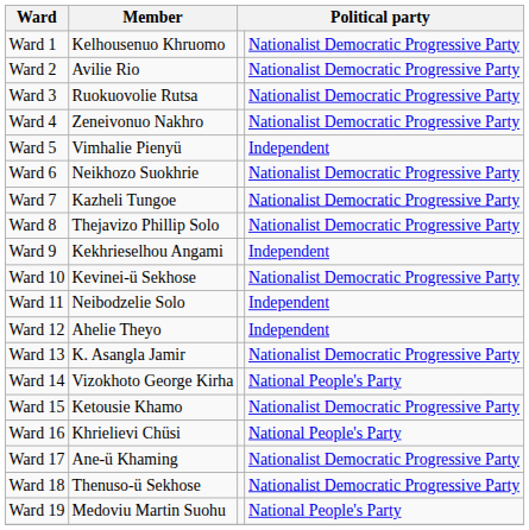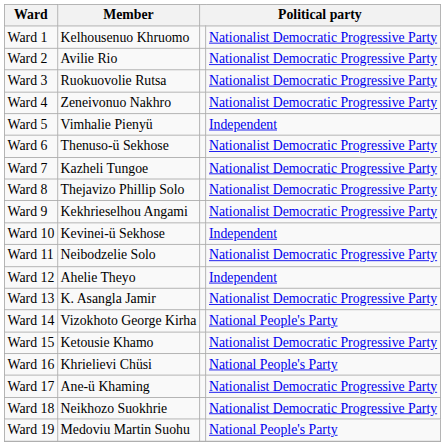 <table class="wikitable sortable">
 <tr>
 <th>Ward</th>
 <th>Member</th>
 <th colspan="2">Political party</th>
 </tr>
 <tr>
 <td>Ward 1</td>
 <td>Kelhousenuo Khruomo</td>
 <td style="background:"></td>
 <td><a href='#'>Nationalist Democratic Progressive Party</a></td>
 </tr>
 <tr>
 <td>Ward 2</td>
 <td>Avilie Rio</td>
 <td style="background:"></td>
 <td><a href='#'>Nationalist Democratic Progressive Party</a></td>
 </tr>
 <tr>
 <td>Ward 3</td>
 <td>Ruokuovolie Rutsa</td>
 <td style="background:"></td>
 <td><a href='#'>Nationalist Democratic Progressive Party</a></td>
 </tr>
 <tr>
 <td>Ward 4</td>
 <td>Zeneivonuo Nakhro</td>
 <td style="background:"></td>
 <td><a href='#'>Nationalist Democratic Progressive Party</a></td>
 </tr>
 <tr>
 <td>Ward 5</td>
 <td>Vimhalie Pienyü</td>
 <td style="background:"></td>
 <td><a href='#'>Independent</a></td>
 </tr>
 <tr>
 <td>Ward 6</td>
-<td>Neikhozo Suokhrie</td>
+<td>Thenuso-ü Sekhose</td>
 <td style="background:"></td>
 <td><a href='#'>Nationalist Democratic Progressive Party</a></td>
 </tr>
 <tr>
 <td>Ward 7</td>
 <td>Kazheli Tungoe</td>
 <td style="background:"></td>
 <td><a href='#'>Nationalist Democratic Progressive Party</a></td>
 </tr>
 <tr>
 <td>Ward 8</td>
 <td>Thejavizo Phillip Solo</td>
 <td style="background:"></td>
 <td><a href='#'>Nationalist Democratic Progressive Party</a></td>
 </tr>
 <tr>
 <td>Ward 9</td>
 <td>Kekhrieselhou Angami</td>
 <td style="background:"></td>
-<td><a href='#'>Independent</a></td>
+<td><a href='#'>Nationalist Democratic Progressive Party</a></td>
 </tr>
 <tr>
 <td>Ward 10</td>
 <td>Kevinei-ü Sekhose</td>
 <td style="background:"></td>
-<td><a href='#'>Nationalist Democratic Progressive Party</a></td>
+<td><a href='#'>Independent</a></td>
 </tr>
 <tr>
 <td>Ward 11</td>
 <td>Neibodzelie Solo</td>
 <td style="background:"></td>
-<td><a href='#'>Independent</a></td>
+<td><a href='#'>Nationalist Democratic Progressive Party</a></td>
 </tr>
 <tr>
 <td>Ward 12</td>
 <td>Ahelie Theyo</td>
 <td style="background:"></td>
 <td><a href='#'>Independent</a></td>
 </tr>
 <tr>
 <td>Ward 13</td>
 <td>K. Asangla Jamir</td>
 <td style="background:"></td>
 <td><a href='#'>Nationalist Democratic Progressive Party</a></td>
 </tr>
 <tr>
 <td>Ward 14</td>
 <td>Vizokhoto George Kirha</td>
 <td style="background:"></td>
 <td><a href='#'>National People's Party</a></td>
 </tr>
 <tr>
 <td>Ward 15</td>
 <td>Ketousie Khamo</td>
 <td style="background:"></td>
 <td><a href='#'>Nationalist Democratic Progressive Party</a></td>
 </tr>
 <tr>
 <td>Ward 16</td>
 <td>Khrielievi Chüsi</td>
 <td style="background:"></td>
 <td><a href='#'>National People's Party</a></td>
 </tr>
 <tr>
 <td>Ward 17</td>
 <td>Ane-ü Khaming</td>
 <td style="background:"></td>
 <td><a href='#'>Nationalist Democratic Progressive Party</a></td>
 </tr>
 <tr>
 <td>Ward 18</td>
-<td>Thenuso-ü Sekhose</td>
+<td>Neikhozo Suokhrie</td>
 <td style="background:"></td>
 <td><a href='#'>Nationalist Democratic Progressive Party</a></td>
 </tr>
 <tr>
 <td>Ward 19</td>
 <td>Medoviu Martin Suohu</td>
 <td style="background:"></td>
 <td><a href='#'>National People's Party</a></td>
 </tr>
 <tr>
 </tr>
 </table>
